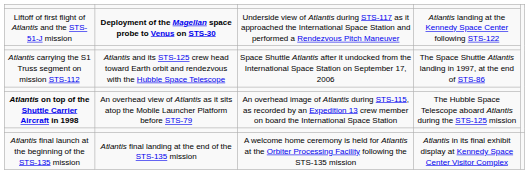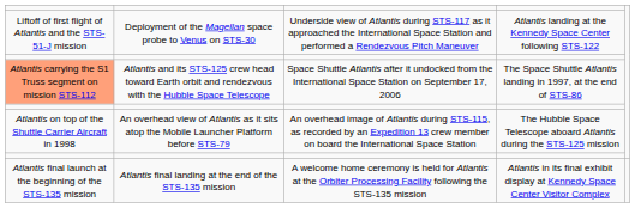 <table class="wikitable" style="text-align:center">
 <tr>
 <td></td>
 <td></td>
 <td></td>
 <td></td>
 </tr>
 <tr>
 <td><small>Liftoff of first flight of <em>Atlantis</em> and the <a href='#'>STS-51-J</a> mission</small></td>
-<td><strong><small>Deployment of the <em><a href='#'>Magellan</a></em> space probe to <a href='#'>Venus</a> on <a href='#'>STS-30</a></small></strong></td>
+<td><small>Deployment of the <em><a href='#'>Magellan</a></em> space probe to <a href='#'>Venus</a> on <a href='#'>STS-30</a></small></td>
 <td><small>Underside view of <em>Atlantis</em> during <a href='#'>STS-117</a> as it approached the International Space Station and performed a <a href='#'>Rendezvous Pitch Maneuver</a></small></td>
 <td><small><em>Atlantis</em> landing at the <a href='#'>Kennedy Space Center</a> following <a href='#'>STS-122</a></small></td>
 </tr>
 <tr>
 <td></td>
 <td></td>
 <td></td>
 <td></td>
 </tr>
 <tr>
-<td><small><em>Atlantis</em> carrying the S1 Truss segment on mission <a href='#'>STS-112</a></small></td>
+<td style="background: lightsalmon;"><small><em>Atlantis</em> carrying the S1 Truss segment on mission <a href='#'>STS-112</a></small></td>
 <td><small><em>Atlantis</em> and its <a href='#'>STS-125</a> crew head toward Earth orbit and rendezvous with the <a href='#'>Hubble Space Telescope</a></small></td>
 <td><small>Space Shuttle <em>Atlantis</em> after it undocked from the International Space Station on September 17, 2006</small></td>
 <td><small>The Space Shuttle <em>Atlantis</em> landing in 1997, at the end of <a href='#'>STS-86</a></small></td>
 </tr>
 <tr>
 <td></td>
 <td></td>
 <td></td>
 <td></td>
 </tr>
 <tr>
-<td><strong><small><em>Atlantis</em> on top of the <a href='#'>Shuttle Carrier Aircraft</a> in 1998</small></strong></td>
+<td><small><em>Atlantis</em> on top of the <a href='#'>Shuttle Carrier Aircraft</a> in 1998</small></td>
 <td><small>An overhead view of <em>Atlantis</em> as it sits atop the Mobile Launcher Platform before <a href='#'>STS-79</a></small></td>
 <td><small>An overhead image of <em>Atlantis</em> during <a href='#'>STS-115</a>, as recorded by an <a href='#'>Expedition 13</a> crew member on board the International Space Station</small></td>
 <td><small> The Hubble Space Telescope aboard <em>Atlantis</em> during the <a href='#'>STS-125</a> mission</small></td>
 </tr>
 <tr>
 <td></td>
 <td></td>
 <td></td>
 <td></td>
 </tr>
 <tr>
 <td><small> <em>Atlantis</em> final launch at the beginning of the <a href='#'>STS-135</a> mission</small></td>
 <td><small> <em>Atlantis</em> final landing at the end of the <a href='#'>STS-135</a> mission</small></td>
 <td><small> A welcome home ceremony is held for <em>Atlantis</em> at the <a href='#'>Orbiter Processing Facility</a> following the STS-135 mission</small></td>
 <td><small><em>Atlantis</em> in its final exhibit display at <a href='#'>Kennedy Space Center Visitor Complex</a></small></td>
 <td></td>
 </tr>
 </table>
